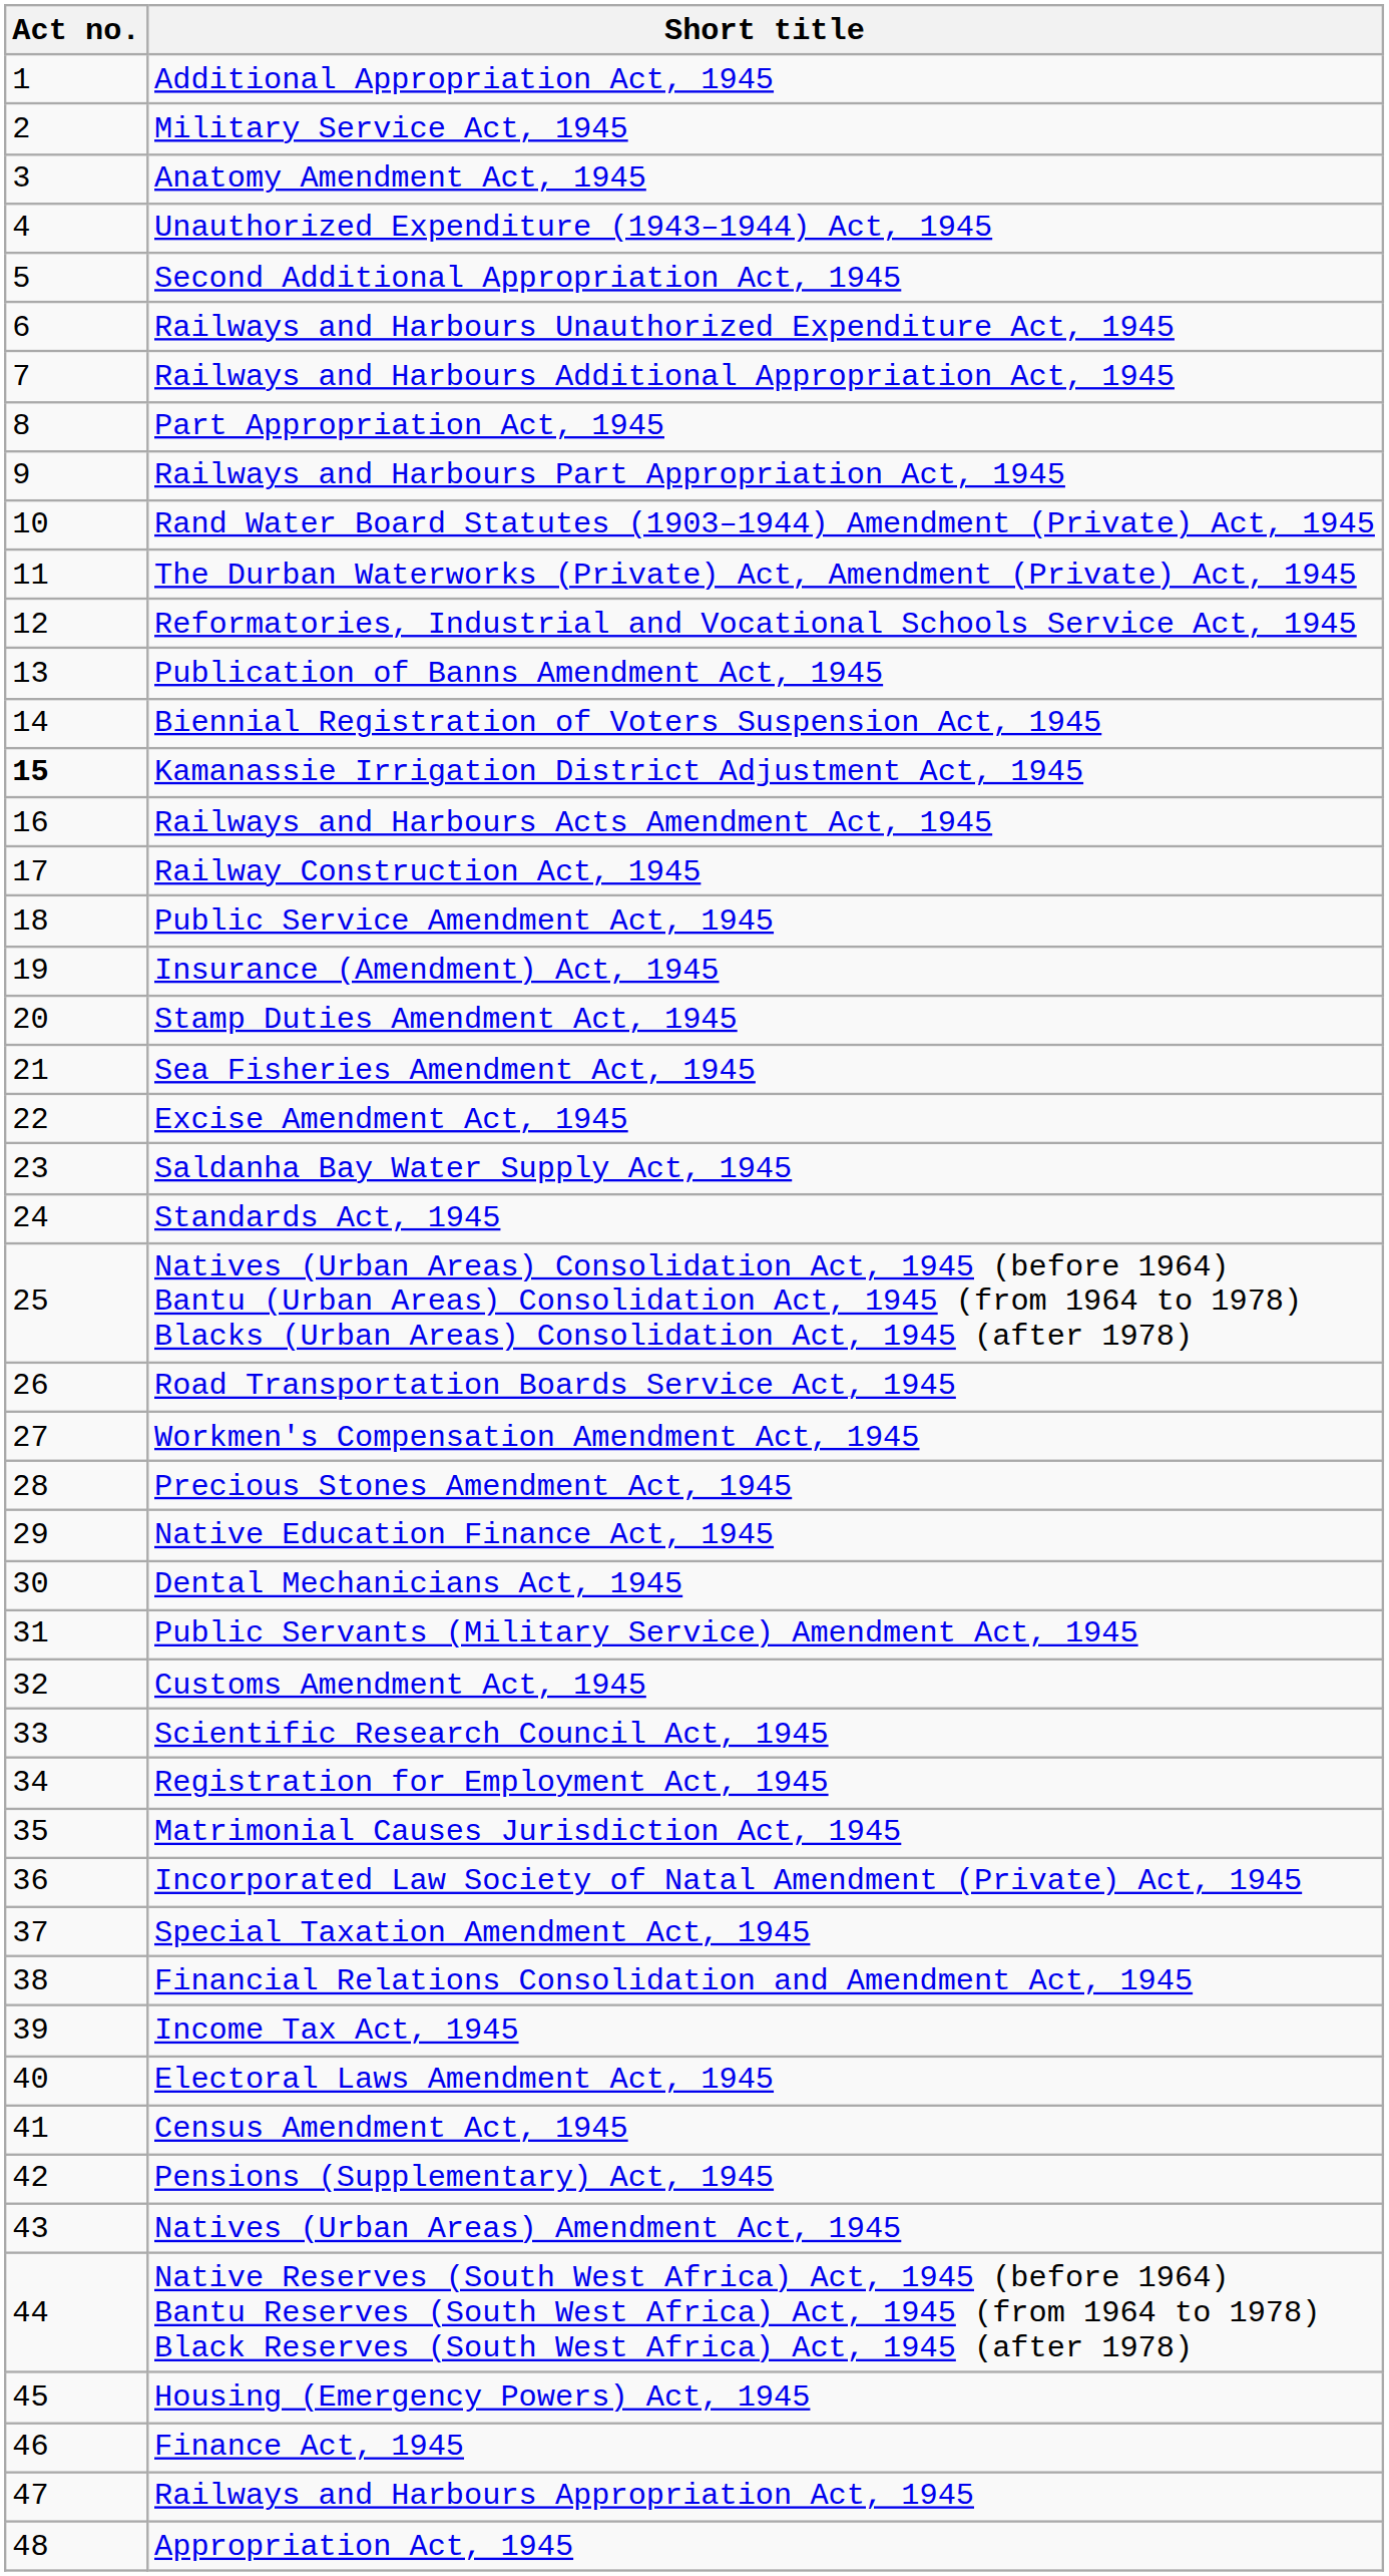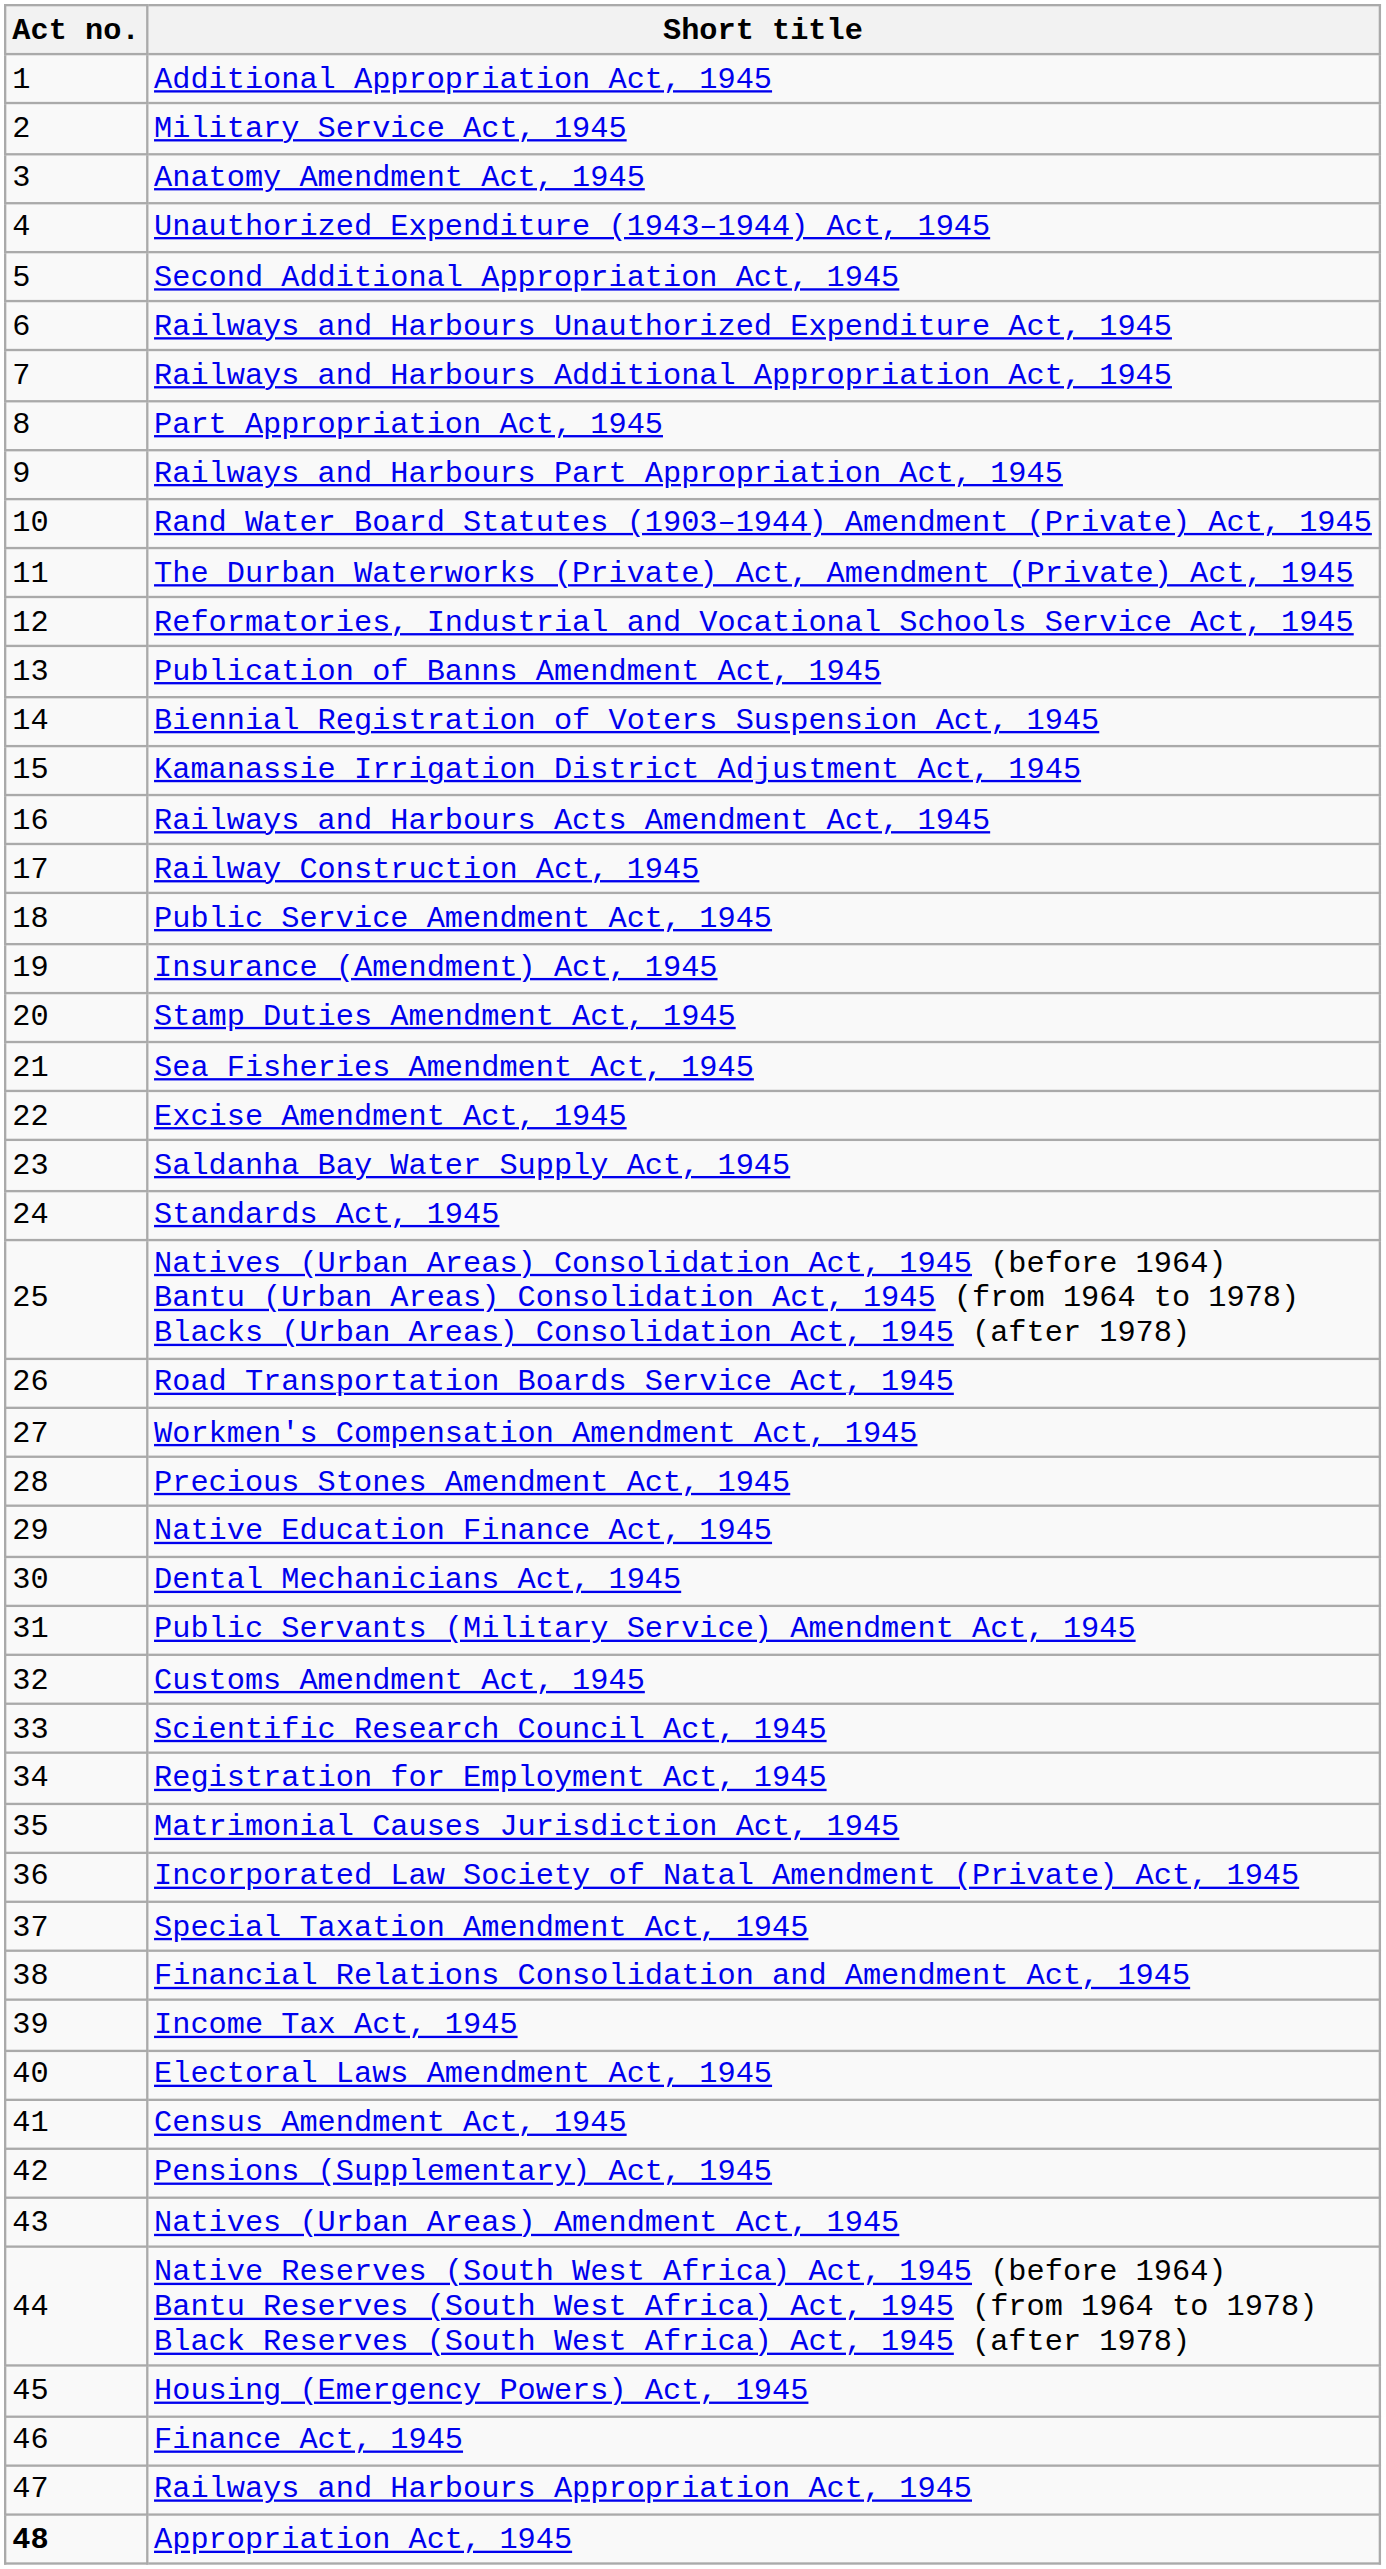 <table class="wikitable sortable">
 <tr>
 <th>Act no.</th>
 <th>Short title</th>
 </tr>
 <tr>
 <td>1</td>
 <td><a href='#'>Additional Appropriation Act, 1945</a></td>
 </tr>
 <tr>
 <td>2</td>
 <td><a href='#'>Military Service Act, 1945</a></td>
 </tr>
 <tr>
 <td>3</td>
 <td><a href='#'>Anatomy Amendment Act, 1945</a></td>
 </tr>
 <tr>
 <td>4</td>
 <td><a href='#'>Unauthorized Expenditure (1943–1944) Act, 1945</a></td>
 </tr>
 <tr>
 <td>5</td>
 <td><a href='#'>Second Additional Appropriation Act, 1945</a></td>
 </tr>
 <tr>
 <td>6</td>
 <td><a href='#'>Railways and Harbours Unauthorized Expenditure Act, 1945</a></td>
 </tr>
 <tr>
 <td>7</td>
 <td><a href='#'>Railways and Harbours Additional Appropriation Act, 1945</a></td>
 </tr>
 <tr>
 <td>8</td>
 <td><a href='#'>Part Appropriation Act, 1945</a></td>
 </tr>
 <tr>
 <td>9</td>
 <td><a href='#'>Railways and Harbours Part Appropriation Act, 1945</a></td>
 </tr>
 <tr>
 <td>10</td>
 <td><a href='#'>Rand Water Board Statutes (1903–1944) Amendment (Private) Act, 1945</a></td>
 </tr>
 <tr>
 <td>11</td>
 <td><a href='#'>The Durban Waterworks (Private) Act, Amendment (Private) Act, 1945</a></td>
 </tr>
 <tr>
 <td>12</td>
 <td><a href='#'>Reformatories, Industrial and Vocational Schools Service Act, 1945</a></td>
 </tr>
 <tr>
 <td>13</td>
 <td><a href='#'>Publication of Banns Amendment Act, 1945</a></td>
 </tr>
 <tr>
 <td>14</td>
 <td><a href='#'>Biennial Registration of Voters Suspension Act, 1945</a></td>
 </tr>
 <tr>
-<td><strong>15</strong></td>
+<td>15</td>
 <td><a href='#'>Kamanassie Irrigation District Adjustment Act, 1945</a></td>
 </tr>
 <tr>
 <td>16</td>
 <td><a href='#'>Railways and Harbours Acts Amendment Act, 1945</a></td>
 </tr>
 <tr>
 <td>17</td>
 <td><a href='#'>Railway Construction Act, 1945</a></td>
 </tr>
 <tr>
 <td>18</td>
 <td><a href='#'>Public Service Amendment Act, 1945</a></td>
 </tr>
 <tr>
 <td>19</td>
 <td><a href='#'>Insurance (Amendment) Act, 1945</a></td>
 </tr>
 <tr>
 <td>20</td>
 <td><a href='#'>Stamp Duties Amendment Act, 1945</a></td>
 </tr>
 <tr>
 <td>21</td>
 <td><a href='#'>Sea Fisheries Amendment Act, 1945</a></td>
 </tr>
 <tr>
 <td>22</td>
 <td><a href='#'>Excise Amendment Act, 1945</a></td>
 </tr>
 <tr>
 <td>23</td>
 <td><a href='#'>Saldanha Bay Water Supply Act, 1945</a></td>
 </tr>
 <tr>
 <td>24</td>
 <td><a href='#'>Standards Act, 1945</a></td>
 </tr>
 <tr>
 <td>25</td>
 <td><a href='#'>Natives (Urban Areas) Consolidation Act, 1945</a> (before 1964) <br><a href='#'>Bantu (Urban Areas) Consolidation Act, 1945</a> (from 1964 to 1978) <br><a href='#'>Blacks (Urban Areas) Consolidation Act, 1945</a> (after 1978)</td>
 </tr>
 <tr>
 <td>26</td>
 <td><a href='#'>Road Transportation Boards Service Act, 1945</a></td>
 </tr>
 <tr>
 <td>27</td>
 <td><a href='#'>Workmen's Compensation Amendment Act, 1945</a></td>
 </tr>
 <tr>
 <td>28</td>
 <td><a href='#'>Precious Stones Amendment Act, 1945</a></td>
 </tr>
 <tr>
 <td>29</td>
 <td><a href='#'>Native Education Finance Act, 1945</a></td>
 </tr>
 <tr>
 <td>30</td>
 <td><a href='#'>Dental Mechanicians Act, 1945</a></td>
 </tr>
 <tr>
 <td>31</td>
 <td><a href='#'>Public Servants (Military Service) Amendment Act, 1945</a></td>
 </tr>
 <tr>
 <td>32</td>
 <td><a href='#'>Customs Amendment Act, 1945</a></td>
 </tr>
 <tr>
 <td>33</td>
 <td><a href='#'>Scientific Research Council Act, 1945</a></td>
 </tr>
 <tr>
 <td>34</td>
 <td><a href='#'>Registration for Employment Act, 1945</a></td>
 </tr>
 <tr>
 <td>35</td>
 <td><a href='#'>Matrimonial Causes Jurisdiction Act, 1945</a></td>
 </tr>
 <tr>
 <td>36</td>
 <td><a href='#'>Incorporated Law Society of Natal Amendment (Private) Act, 1945</a></td>
 </tr>
 <tr>
 <td>37</td>
 <td><a href='#'>Special Taxation Amendment Act, 1945</a></td>
 </tr>
 <tr>
 <td>38</td>
 <td><a href='#'>Financial Relations Consolidation and Amendment Act, 1945</a></td>
 </tr>
 <tr>
 <td>39</td>
 <td><a href='#'>Income Tax Act, 1945</a></td>
 </tr>
 <tr>
 <td>40</td>
 <td><a href='#'>Electoral Laws Amendment Act, 1945</a></td>
 </tr>
 <tr>
 <td>41</td>
 <td><a href='#'>Census Amendment Act, 1945</a></td>
 </tr>
 <tr>
 <td>42</td>
 <td><a href='#'>Pensions (Supplementary) Act, 1945</a></td>
 </tr>
 <tr>
 <td>43</td>
 <td><a href='#'>Natives (Urban Areas) Amendment Act, 1945</a></td>
 </tr>
 <tr>
 <td>44</td>
 <td><a href='#'>Native Reserves (South West Africa) Act, 1945</a> (before 1964) <br><a href='#'>Bantu Reserves (South West Africa) Act, 1945</a> (from 1964 to 1978) <br><a href='#'>Black Reserves (South West Africa) Act, 1945</a> (after 1978)</td>
 </tr>
 <tr>
 <td>45</td>
 <td><a href='#'>Housing (Emergency Powers) Act, 1945</a></td>
 </tr>
 <tr>
 <td>46</td>
 <td><a href='#'>Finance Act, 1945</a></td>
 </tr>
 <tr>
 <td>47</td>
 <td><a href='#'>Railways and Harbours Appropriation Act, 1945</a></td>
 </tr>
 <tr>
-<td>48</td>
+<td><strong>48</strong></td>
 <td><a href='#'>Appropriation Act, 1945</a></td>
 </tr>
 </table>
